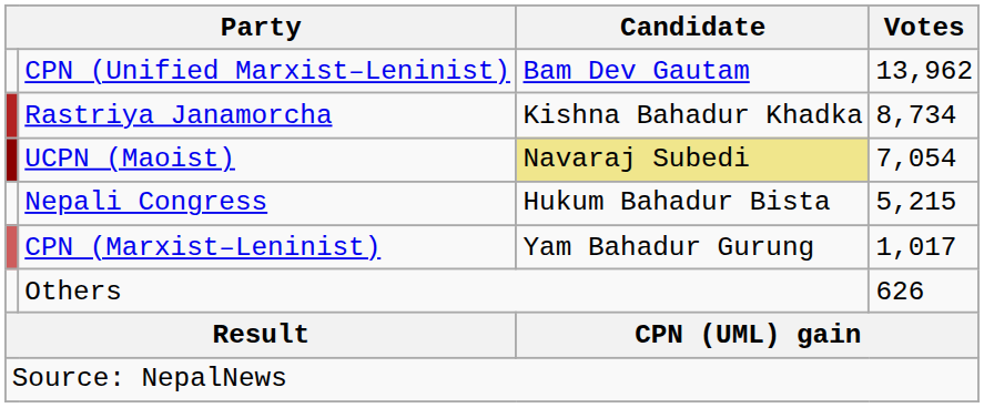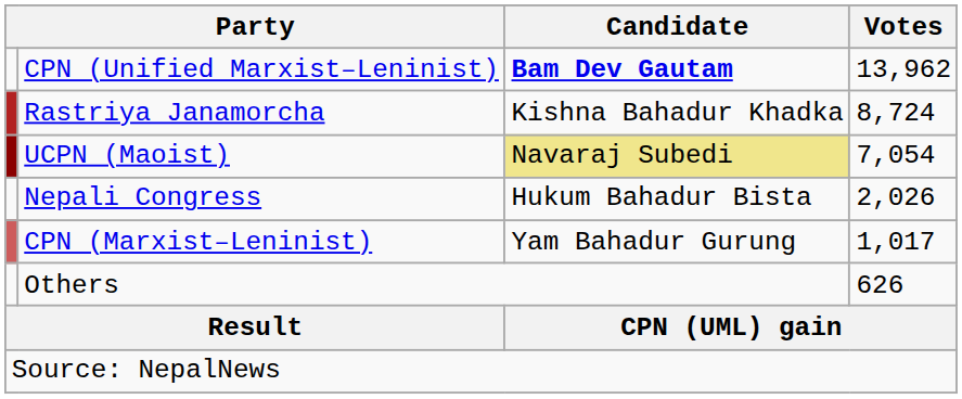 <table class="wikitable">
 <tr>
 <th colspan="2">Party</th>
 <th>Candidate</th>
 <th>Votes</th>
 </tr>
 <tr>
 <td style="background-color:"></td>
 <td><a href='#'>CPN (Unified Marxist–Leninist)</a></td>
-<td><a href='#'>Bam Dev Gautam</a></td>
+<td><strong><a href='#'>Bam Dev Gautam</a></strong></td>
 <td>13,962</td>
 </tr>
 <tr>
 <td style="background-color:firebrick"></td>
 <td><a href='#'>Rastriya Janamorcha</a></td>
 <td>Kishna Bahadur Khadka</td>
-<td>8,734</td>
+<td>8,724</td>
 </tr>
 <tr>
 <td style="background-color:darkred"></td>
 <td><a href='#'>UCPN (Maoist)</a></td>
 <td style="background: khaki;">Navaraj Subedi</td>
 <td>7,054</td>
 </tr>
 <tr>
 <td style="background-color:"></td>
 <td><a href='#'>Nepali Congress</a></td>
 <td>Hukum Bahadur Bista</td>
-<td>5,215</td>
+<td>2,026</td>
 </tr>
 <tr>
 <td style="background-color:indianred"></td>
 <td><a href='#'>CPN (Marxist–Leninist)</a></td>
 <td>Yam Bahadur Gurung</td>
 <td>1,017</td>
 </tr>
 <tr>
 <td></td>
 <td colspan="2">Others</td>
 <td>626</td>
 </tr>
 <tr>
 <th colspan="2">Result</th>
 <th colspan="2">CPN (UML) gain</th>
 </tr>
 <tr>
 <td colspan="4">Source: NepalNews</td>
 </tr>
 </table>
